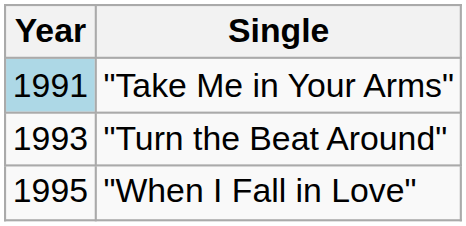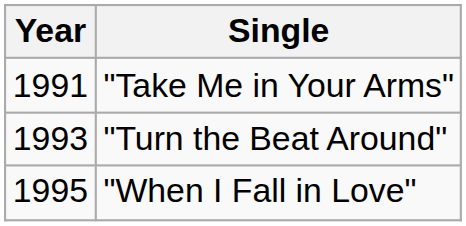 <table class = " wikitable ">
 <tr>
 <th>Year</th>
 <th>Single</th>
 </tr>
 <tr>
-<td style="background: lightblue;">1991</td>
+<td>1991</td>
 <td>"Take Me in Your Arms"</td>
 </tr>
 <tr>
 <td>1993</td>
 <td>"Turn the Beat Around"</td>
 </tr>
 <tr>
 <td>1995</td>
 <td>"When I Fall in Love"</td>
 </tr>
 </table>
